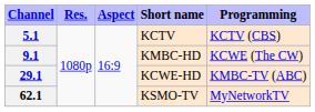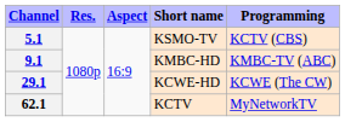 <table class="wikitable">
 <tr>
 <th style="background-color: #bdbdff" scope = "col"><a href='#'>Channel</a></th>
 <th style="background-color: #bdbdff" scope = "col"><a href='#'>Res.</a></th>
 <th style="background-color: #bdbdff" scope = "col"><a href='#'>Aspect</a></th>
 <th style="background-color: #bdbdff" scope = "col">Short name</th>
 <th style="background-color: #bdbdff" scope = "col">Programming</th>
 </tr>
 <tr>
 <th scope = "row"><a href='#'>5.1</a></th>
 <td rowspan=4><a href='#'>1080p</a></td>
 <td rowspan=4><a href='#'>16:9</a></td>
-<td style="background-color:#FFe8d0">KCTV</td>
+<td style="background-color:#FFe8d0">KSMO-TV</td>
 <td style="background-color:#FFe8d0"><a href='#'>KCTV</a> (<a href='#'>CBS</a>) </td>
 </tr>
 <tr>
 <th scope = "row"><a href='#'>9.1</a></th>
 <td style="background-color:#FFe8d0">KMBC-HD</td>
-<td style="background-color:#FFe8d0"><a href='#'>KCWE</a> (<a href='#'>The CW</a>) </td>
+<td style="background-color:#FFe8d0"><a href='#'>KMBC-TV</a> (<a href='#'>ABC</a>) </td>
 </tr>
 <tr>
 <th scope = "row"><a href='#'>29.1</a></th>
 <td style="background-color:#FFe8d0">KCWE-HD</td>
-<td style="background-color:#FFe8d0"><a href='#'>KMBC-TV</a> (<a href='#'>ABC</a>) </td>
+<td style="background-color:#FFe8d0"><a href='#'>KCWE</a> (<a href='#'>The CW</a>) </td>
 </tr>
 <tr>
 <th scope = "row">62.1</th>
-<td style="background-color:#FFe8d0">KSMO-TV</td>
+<td style="background-color:#FFe8d0">KCTV</td>
 <td style="background-color:#FFe8d0"><a href='#'>MyNetworkTV</a> </td>
 </tr>
 </table>
